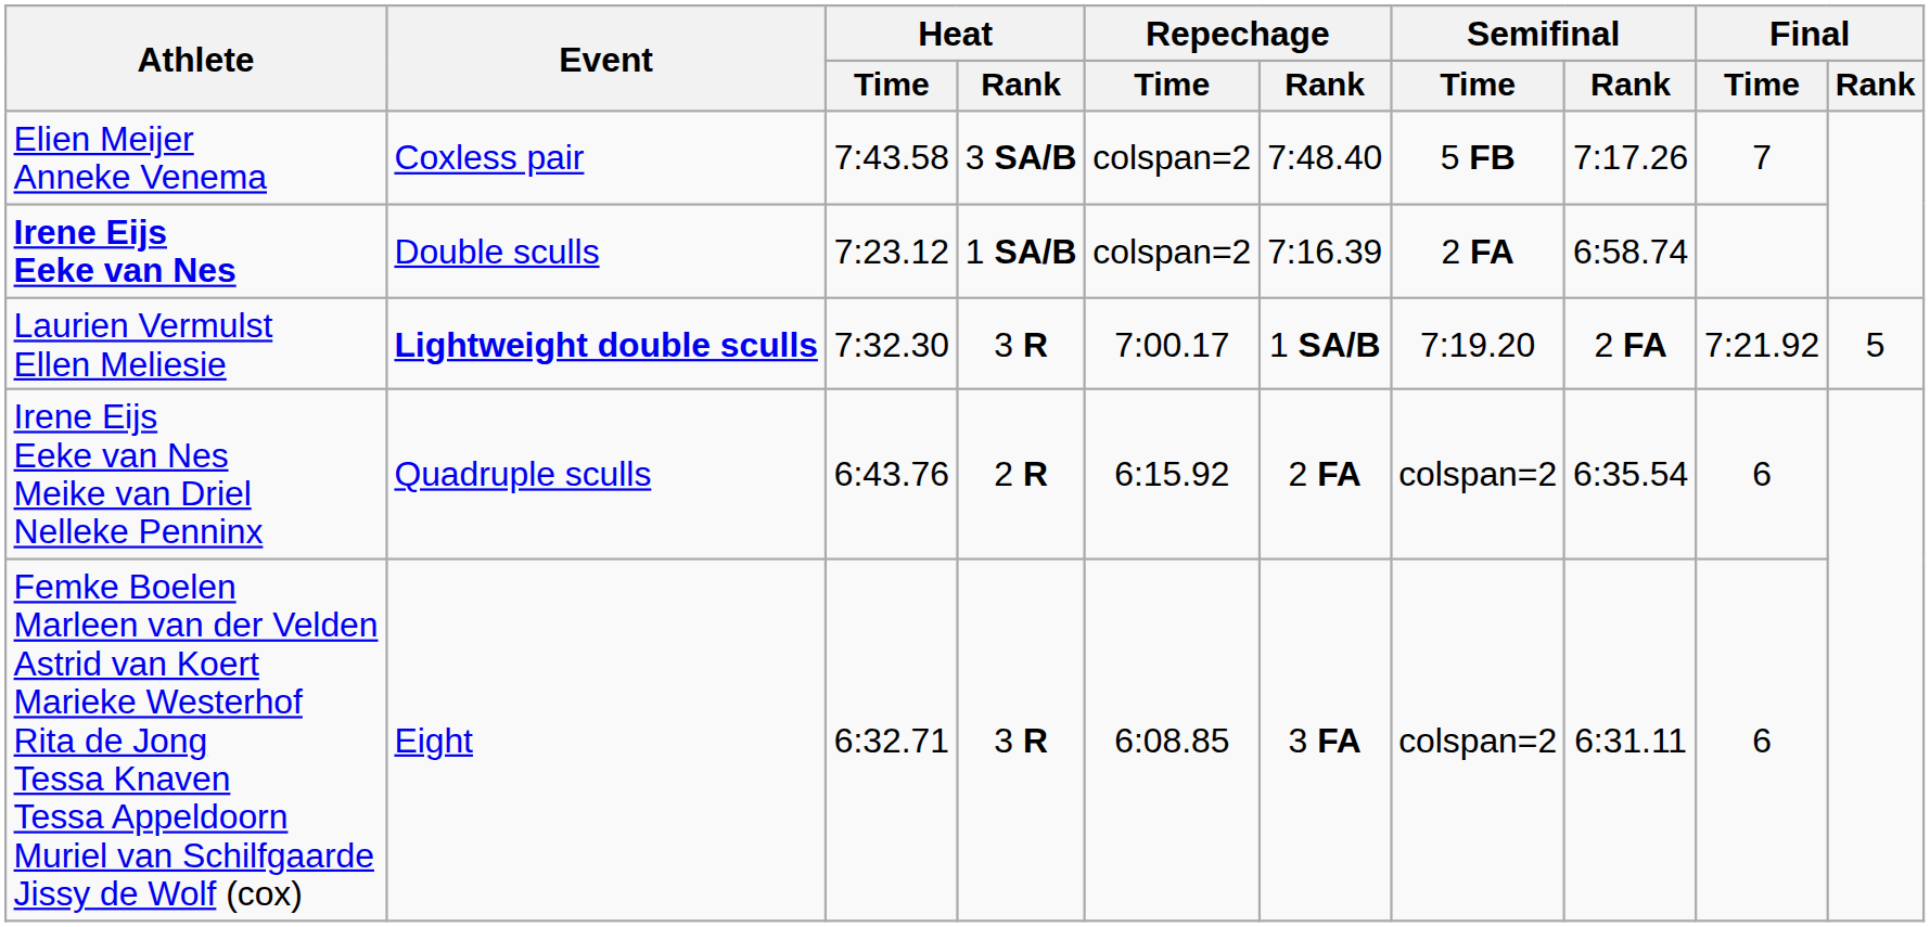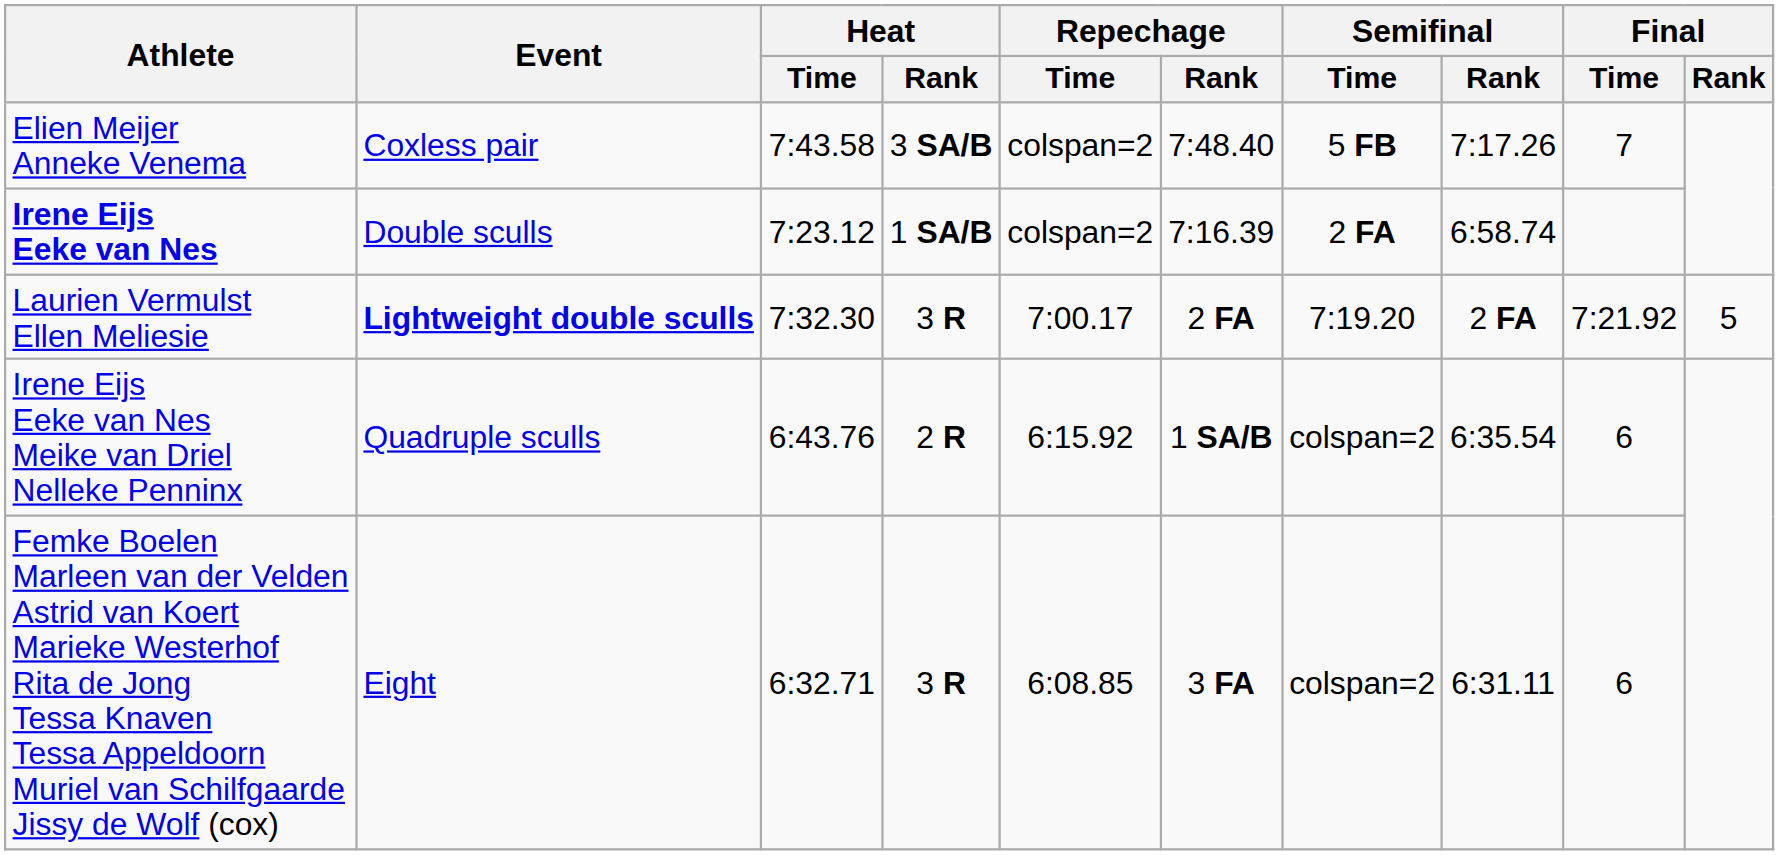 <table class=wikitable style=font-size:90%;text-align:center>
 <tr>
 <th rowspan=2>Athlete</th>
 <th rowspan=2>Event</th>
 <th colspan=2>Heat</th>
 <th colspan=2>Repechage</th>
 <th colspan=2>Semifinal</th>
 <th colspan=2>Final</th>
 </tr>
 <tr style=font-size:95%>
 <th>Time</th>
 <th>Rank</th>
 <th>Time</th>
 <th>Rank</th>
 <th>Time</th>
 <th>Rank</th>
 <th>Time</th>
 <th>Rank</th>
 </tr>
 <tr>
 <td align=left><a href='#'>Elien Meijer</a><br><a href='#'>Anneke Venema</a></td>
 <td align=left><a href='#'>Coxless pair</a></td>
 <td>7:43.58</td>
 <td>3 <strong>SA/B</strong></td>
 <td>colspan=2 </td>
 <td>7:48.40</td>
 <td>5 <strong>FB</strong></td>
 <td>7:17.26</td>
 <td>7</td>
 </tr>
 <tr>
 <td align=left><strong><a href='#'>Irene Eijs</a><br><a href='#'>Eeke van Nes</a></strong></td>
 <td align=left><a href='#'>Double sculls</a></td>
 <td>7:23.12</td>
 <td>1 <strong>SA/B</strong></td>
 <td>colspan=2 </td>
 <td>7:16.39</td>
 <td>2 <strong>FA</strong></td>
 <td>6:58.74</td>
 <td></td>
 </tr>
 <tr>
 <td align=left><a href='#'>Laurien Vermulst</a><br><a href='#'>Ellen Meliesie</a></td>
 <td align=left><strong><a href='#'>Lightweight double sculls</a></strong></td>
 <td>7:32.30</td>
 <td>3 <strong>R</strong></td>
 <td>7:00.17</td>
-<td>1 <strong>SA/B</strong></td>
+<td>2 <strong>FA</strong></td>
 <td>7:19.20</td>
 <td>2 <strong>FA</strong></td>
 <td>7:21.92</td>
 <td>5</td>
 </tr>
 <tr>
 <td align=left><a href='#'>Irene Eijs</a><br><a href='#'>Eeke van Nes</a><br><a href='#'>Meike van Driel</a><br><a href='#'>Nelleke Penninx</a></td>
 <td align=left><a href='#'>Quadruple sculls</a></td>
 <td>6:43.76</td>
 <td>2 <strong>R</strong></td>
 <td>6:15.92</td>
-<td>2 <strong>FA</strong></td>
+<td>1 <strong>SA/B</strong></td>
 <td>colspan=2 </td>
 <td>6:35.54</td>
 <td>6</td>
 </tr>
 <tr>
 <td align=left><a href='#'>Femke Boelen</a><br><a href='#'>Marleen van der Velden</a><br><a href='#'>Astrid van Koert</a><br><a href='#'>Marieke Westerhof</a><br><a href='#'>Rita de Jong</a><br><a href='#'>Tessa Knaven</a><br><a href='#'>Tessa Appeldoorn</a><br><a href='#'>Muriel van Schilfgaarde</a><br><a href='#'>Jissy de Wolf</a> (cox)</td>
 <td align=left><a href='#'>Eight</a></td>
 <td>6:32.71</td>
 <td>3 <strong>R</strong></td>
 <td>6:08.85</td>
 <td>3 <strong>FA</strong></td>
 <td>colspan=2 </td>
 <td>6:31.11</td>
 <td>6</td>
 </tr>
 </table>
